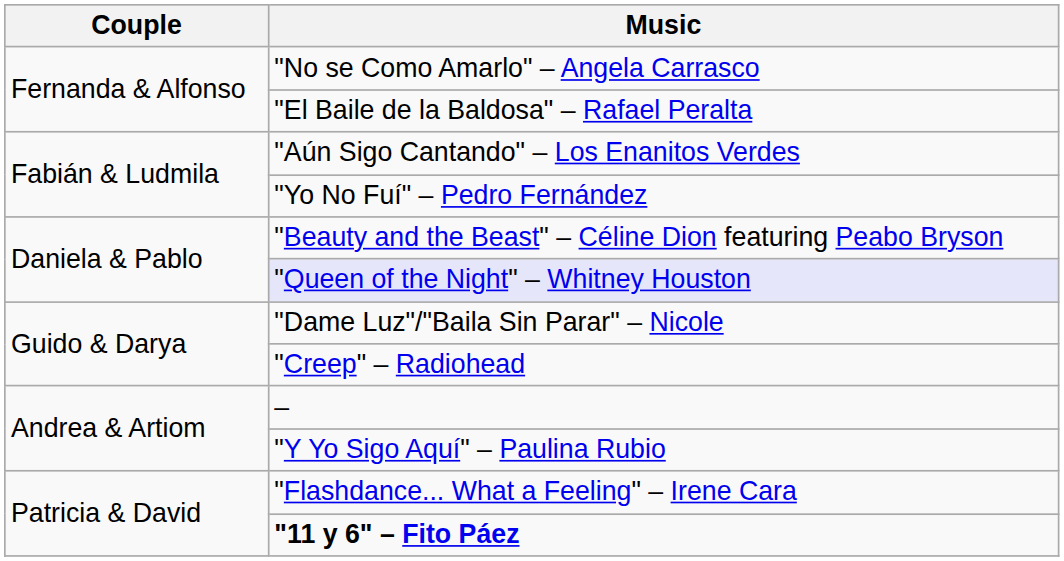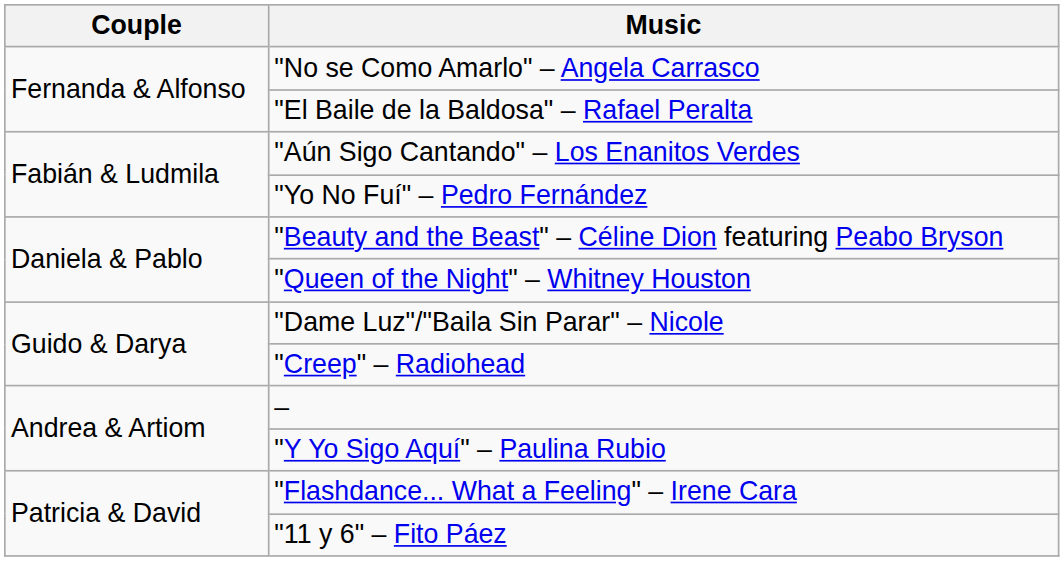 <table class="wikitable" width="50%">
 <tr>
 <th>Couple</th>
 <th>Music</th>
 </tr>
 <tr>
 <td rowspan=2>Fernanda & Alfonso</td>
 <td>"No se Como Amarlo" – <a href='#'>Angela Carrasco</a></td>
 </tr>
 <tr>
 <td>"El Baile de la Baldosa" – <a href='#'>Rafael Peralta</a></td>
 </tr>
 <tr>
 <td rowspan=2>Fabián & Ludmila</td>
 <td>"Aún Sigo Cantando" – <a href='#'>Los Enanitos Verdes</a></td>
 </tr>
 <tr>
 <td>"Yo No Fuí" – <a href='#'>Pedro Fernández</a></td>
 </tr>
 <tr>
 <td rowspan=2>Daniela & Pablo</td>
 <td>"<a href='#'>Beauty and the Beast</a>" – <a href='#'>Céline Dion</a> featuring <a href='#'>Peabo Bryson</a></td>
 </tr>
 <tr>
-<td style="background: lavender;">"<a href='#'>Queen of the Night</a>" – <a href='#'>Whitney Houston</a></td>
+<td>"<a href='#'>Queen of the Night</a>" – <a href='#'>Whitney Houston</a></td>
 </tr>
 <tr>
 <td rowspan=2>Guido & Darya</td>
 <td>"Dame Luz"/"Baila Sin Parar" – <a href='#'>Nicole</a></td>
 </tr>
 <tr>
 <td>"<a href='#'>Creep</a>" – <a href='#'>Radiohead</a></td>
 </tr>
 <tr>
 <td rowspan=2>Andrea & Artiom</td>
 <td>–</td>
 </tr>
 <tr>
 <td>"<a href='#'>Y Yo Sigo Aquí</a>" – <a href='#'>Paulina Rubio</a></td>
 </tr>
 <tr>
 <td rowspan=2>Patricia & David</td>
 <td>"<a href='#'>Flashdance... What a Feeling</a>" – <a href='#'>Irene Cara</a></td>
 </tr>
 <tr>
-<td><strong>"11 y 6" – <a href='#'>Fito Páez</a></strong></td>
+<td>"11 y 6" – <a href='#'>Fito Páez</a></td>
 </tr>
 </table>
